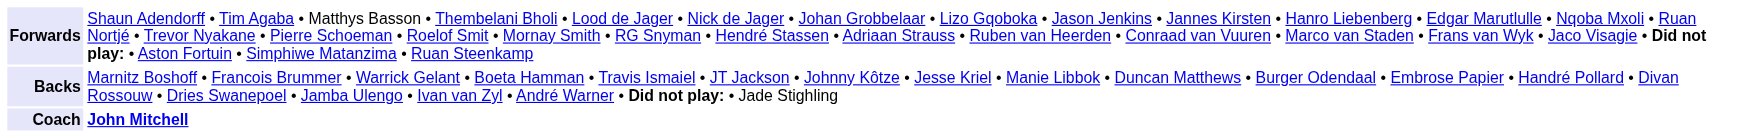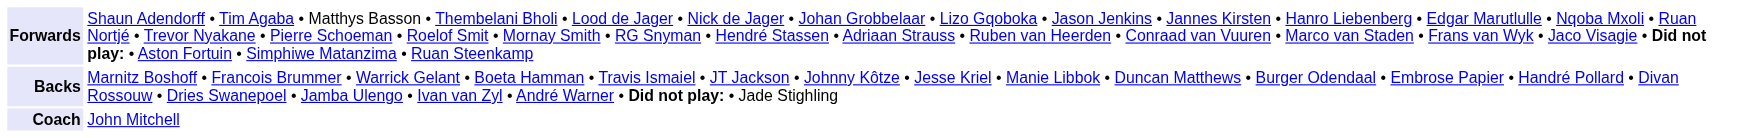 <table cellpadding="2" style="border: 1px solid white; font-size:90%;">
 <tr>
 <td style="text-align:right; background:lavender;"><strong>Forwards</strong></td>
 <td style="text-align:left;"><a href='#'>Shaun Adendorff</a> • <a href='#'>Tim Agaba</a> • Matthys Basson • <a href='#'>Thembelani Bholi</a> • <a href='#'>Lood de Jager</a> • <a href='#'>Nick de Jager</a> • <a href='#'>Johan Grobbelaar</a> • <a href='#'>Lizo Gqoboka</a> • <a href='#'>Jason Jenkins</a> • <a href='#'>Jannes Kirsten</a> • <a href='#'>Hanro Liebenberg</a> • <a href='#'>Edgar Marutlulle</a> • <a href='#'>Nqoba Mxoli</a> • <a href='#'>Ruan Nortjé</a> • <a href='#'>Trevor Nyakane</a> • <a href='#'>Pierre Schoeman</a> • <a href='#'>Roelof Smit</a> • <a href='#'>Mornay Smith</a> • <a href='#'>RG Snyman</a> • <a href='#'>Hendré Stassen</a> • <a href='#'>Adriaan Strauss</a> • <a href='#'>Ruben van Heerden</a> • <a href='#'>Conraad van Vuuren</a> • <a href='#'>Marco van Staden</a> • <a href='#'>Frans van Wyk</a> • <a href='#'>Jaco Visagie</a> • <strong>Did not play:</strong> • <a href='#'>Aston Fortuin</a> • <a href='#'>Simphiwe Matanzima</a> • <a href='#'>Ruan Steenkamp</a></td>
 </tr>
 <tr>
 <td style="text-align:right; background:lavender;"><strong>Backs</strong></td>
 <td style="text-align:left;"><a href='#'>Marnitz Boshoff</a> • <a href='#'>Francois Brummer</a> • <a href='#'>Warrick Gelant</a> • <a href='#'>Boeta Hamman</a> • <a href='#'>Travis Ismaiel</a> • <a href='#'>JT Jackson</a> • <a href='#'>Johnny Kôtze</a> • <a href='#'>Jesse Kriel</a> • <a href='#'>Manie Libbok</a> • <a href='#'>Duncan Matthews</a> • <a href='#'>Burger Odendaal</a> • <a href='#'>Embrose Papier</a> • <a href='#'>Handré Pollard</a> • <a href='#'>Divan Rossouw</a> • <a href='#'>Dries Swanepoel</a> • <a href='#'>Jamba Ulengo</a> • <a href='#'>Ivan van Zyl</a> • <a href='#'>André Warner</a> • <strong>Did not play:</strong> • Jade Stighling</td>
 </tr>
 <tr>
 <td style="text-align:right; background:lavender;"><strong>Coach</strong></td>
-<td style="text-align:left;"><strong><a href='#'>John Mitchell</a></strong></td>
+<td style="text-align:left;"><a href='#'>John Mitchell</a></td>
 </tr>
 </table>
